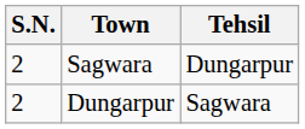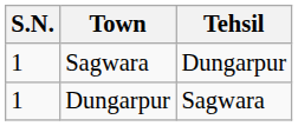 <table class="wikitable">
 <tr>
 <th>S.N.</th>
 <th>Town</th>
 <th>Tehsil</th>
 </tr>
 <tr>
-<td>2</td>
+<td>1</td>
 <td>Sagwara</td>
 <td>Dungarpur</td>
 </tr>
 <tr>
-<td>2</td>
+<td>1</td>
 <td>Dungarpur</td>
 <td>Sagwara</td>
 </tr>
 </table>
